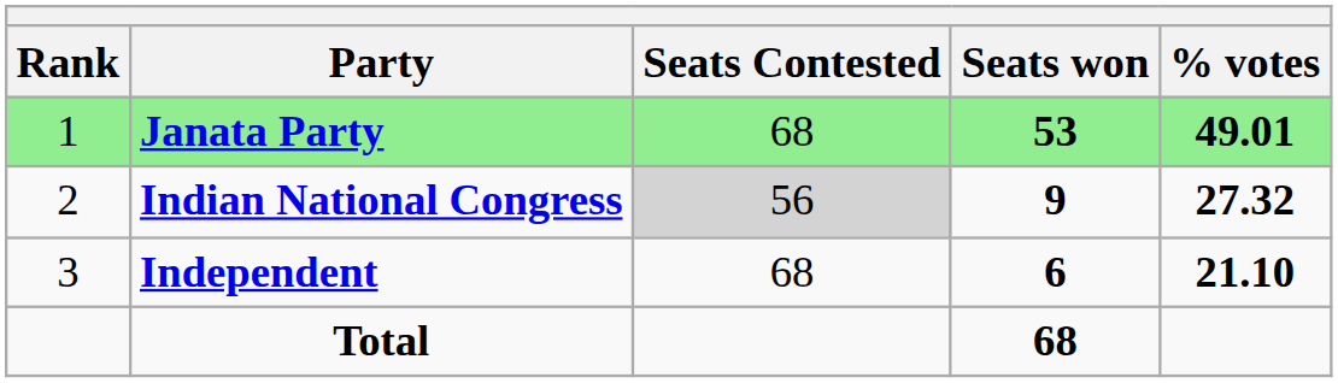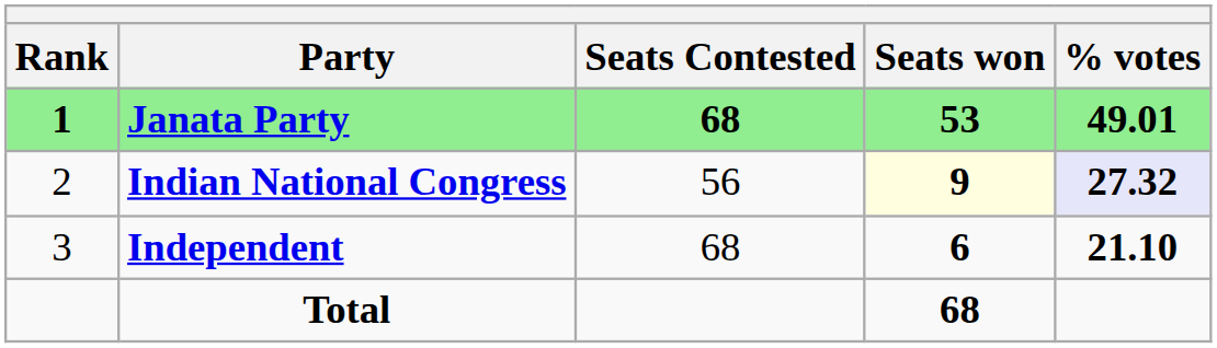 <table class="wikitable sortable" style="text-align: center;">
 <tr>
 <th colspan="7"></th>
 </tr>
 <tr>
 <th align="center">Rank</th>
 <th align="center">Party</th>
 <th align="center">Seats Contested</th>
 <th align="center">Seats won</th>
 <th align="center">% votes</th>
 </tr>
 <tr style="background: #90EE90;">
-<td>1</td>
+<td><strong>1</strong></td>
 <td align="left"><strong><a href='#'>Janata Party</a></strong></td>
-<td>68</td>
+<td><strong>68</strong></td>
 <td><strong>53</strong></td>
 <td><strong>49.01</strong></td>
 </tr>
 <tr>
 <td>2</td>
 <td align="left"><strong><a href='#'>Indian National Congress</a></strong></td>
-<td style="background: lightgrey;">56</td>
-<td><strong>9</strong></td>
-<td><strong>27.32</strong></td>
+<td>56</td>
+<td style="background: lightyellow;"><strong>9</strong></td>
+<td style="background: lavender;"><strong>27.32</strong></td>
 </tr>
 <tr>
 <td>3</td>
 <td align="left"><strong><a href='#'>Independent</a></strong></td>
 <td>68</td>
 <td><strong>6</strong></td>
 <td><strong>21.10</strong></td>
 </tr>
 <tr>
 <td></td>
 <td align="centre"><strong>Total </strong></td>
 <td></td>
 <td><strong>68</strong></td>
 <td><strong> </strong></td>
 </tr>
 </table>
